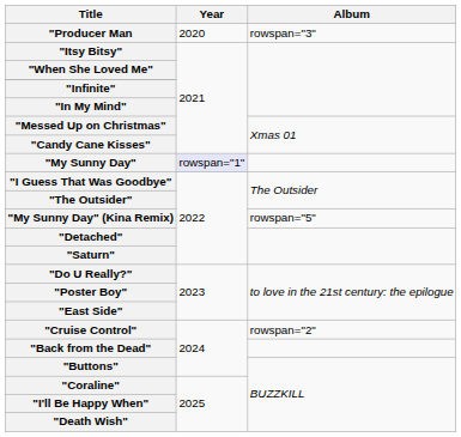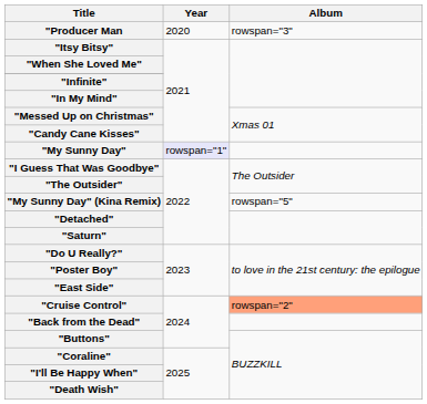 <table class="wikitable plainrowheaders">
 <tr>
 <th scope="col">Title</th>
 <th scope="col">Year</th>
 <th scope="col">Album</th>
 </tr>
 <tr>
 <th scope="row">"Producer Man</th>
 <td>2020</td>
 <td>rowspan="3" </td>
 </tr>
 <tr>
 <th scope="row">"Itsy Bitsy"</th>
 <td rowspan="7">2021</td>
 </tr>
 <tr>
 <th scope="row">"When She Loved Me"</th>
 </tr>
 <tr>
 </tr>
 <tr>
 <th scope="row">"Infinite"</th>
 </tr>
 <tr>
 <th scope="row">"In My Mind"</th>
 </tr>
 <tr>
 <th scope="row">"Messed Up on Christmas"</th>
 <td rowspan="2"><em>Xmas 01</em></td>
 </tr>
 <tr>
 <th scope="row">"Candy Cane Kisses"</th>
 </tr>
 <tr>
 <th scope="row">"My Sunny Day"</th>
 <td style="background: lavender;">rowspan="1" </td>
 </tr>
 <tr>
 <th scope="row">"I Guess That Was Goodbye"</th>
 <td rowspan="5">2022</td>
 <td rowspan="2"><em>The Outsider</em></td>
 </tr>
 <tr>
 <th scope="row">"The Outsider"</th>
 </tr>
 <tr>
 <th scope="row">"My Sunny Day" (Kina Remix)<br></th>
 <td>rowspan="5" </td>
 </tr>
 <tr>
 <th scope="row">"Detached"</th>
 </tr>
 <tr>
 <th scope="row">"Saturn"</th>
 </tr>
 <tr>
 <th scope="row">"Do U Really?"<br></th>
 <td rowspan="3">2023</td>
 <td rowspan="3"><em>to love in the 21st century: the epilogue</em></td>
 </tr>
 <tr>
 <th scope="row">"Poster Boy"</th>
 </tr>
 <tr>
 <th scope="row">"East Side"</th>
 </tr>
 <tr>
 <th scope="row">"Cruise Control"</th>
 <td rowspan="3">2024</td>
-<td>rowspan="2" </td>
+<td style="background: lightsalmon;">rowspan="2" </td>
 </tr>
 <tr>
 <th scope="row">"Back from the Dead"</th>
 </tr>
 <tr>
 <th scope="row">"Buttons"</th>
 <td rowspan="4"><em>BUZZKILL</em></td>
 </tr>
 <tr>
 <th scope="row">"Coraline"</th>
 <td rowspan="3">2025</td>
 </tr>
 <tr>
 <th scope="row">"I'll Be Happy When"</th>
 </tr>
 <tr>
 <th scope="row">"Death Wish"</th>
 </tr>
 </table>
